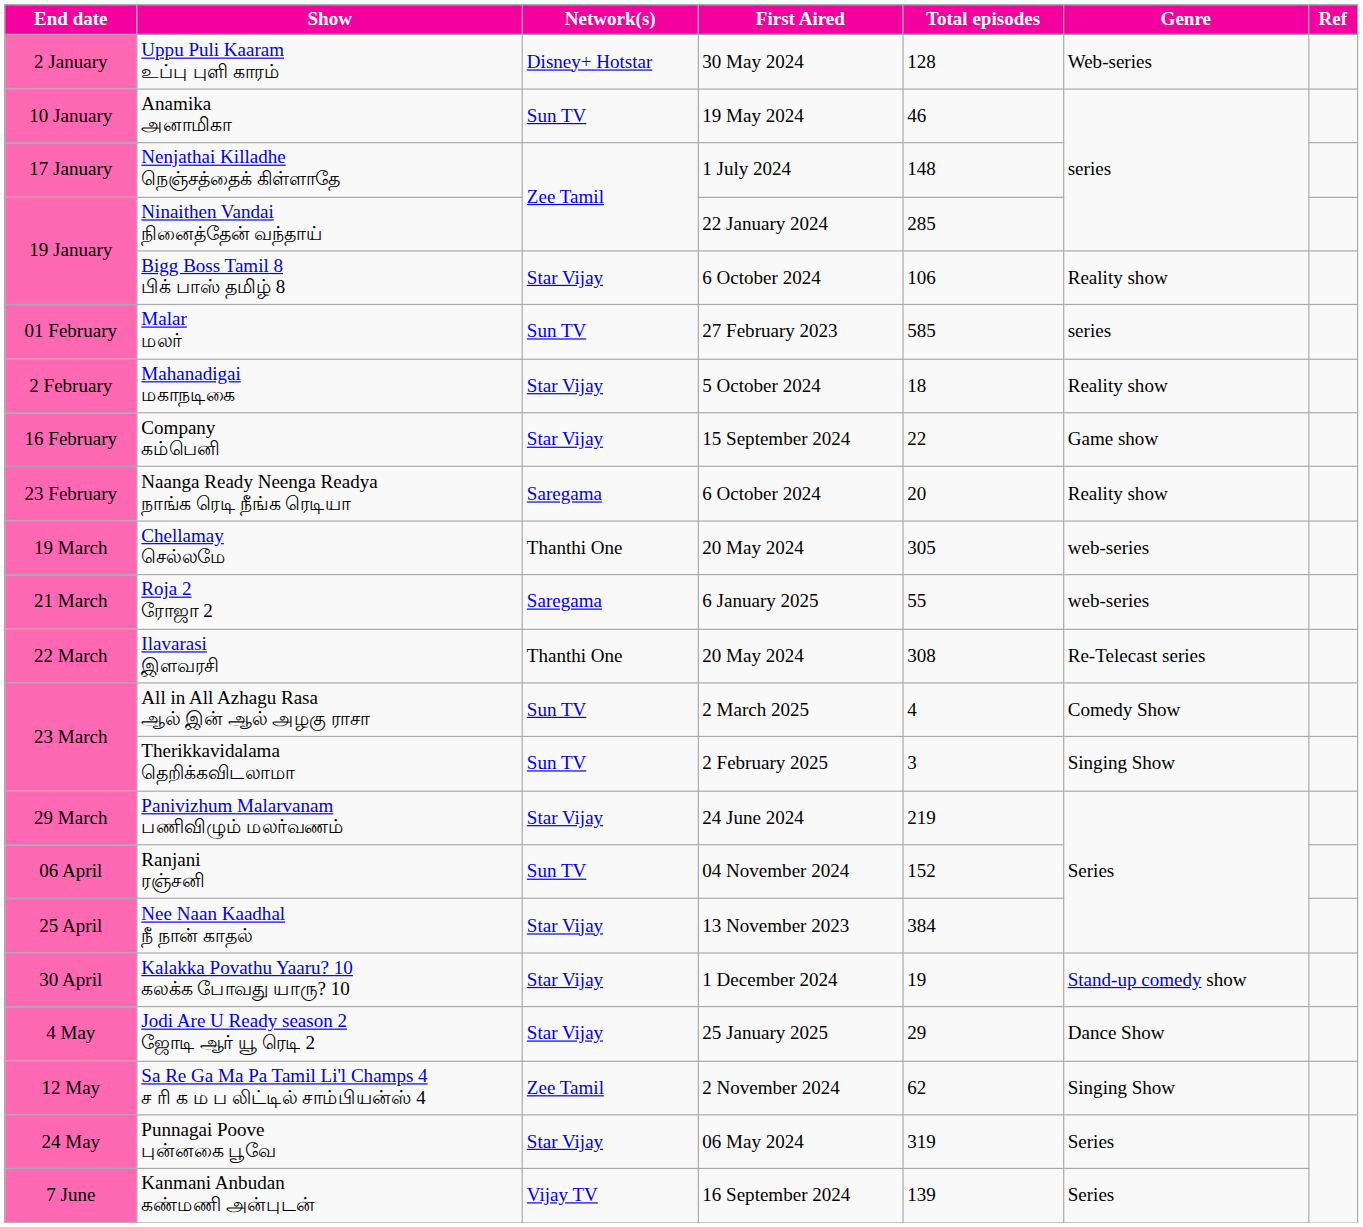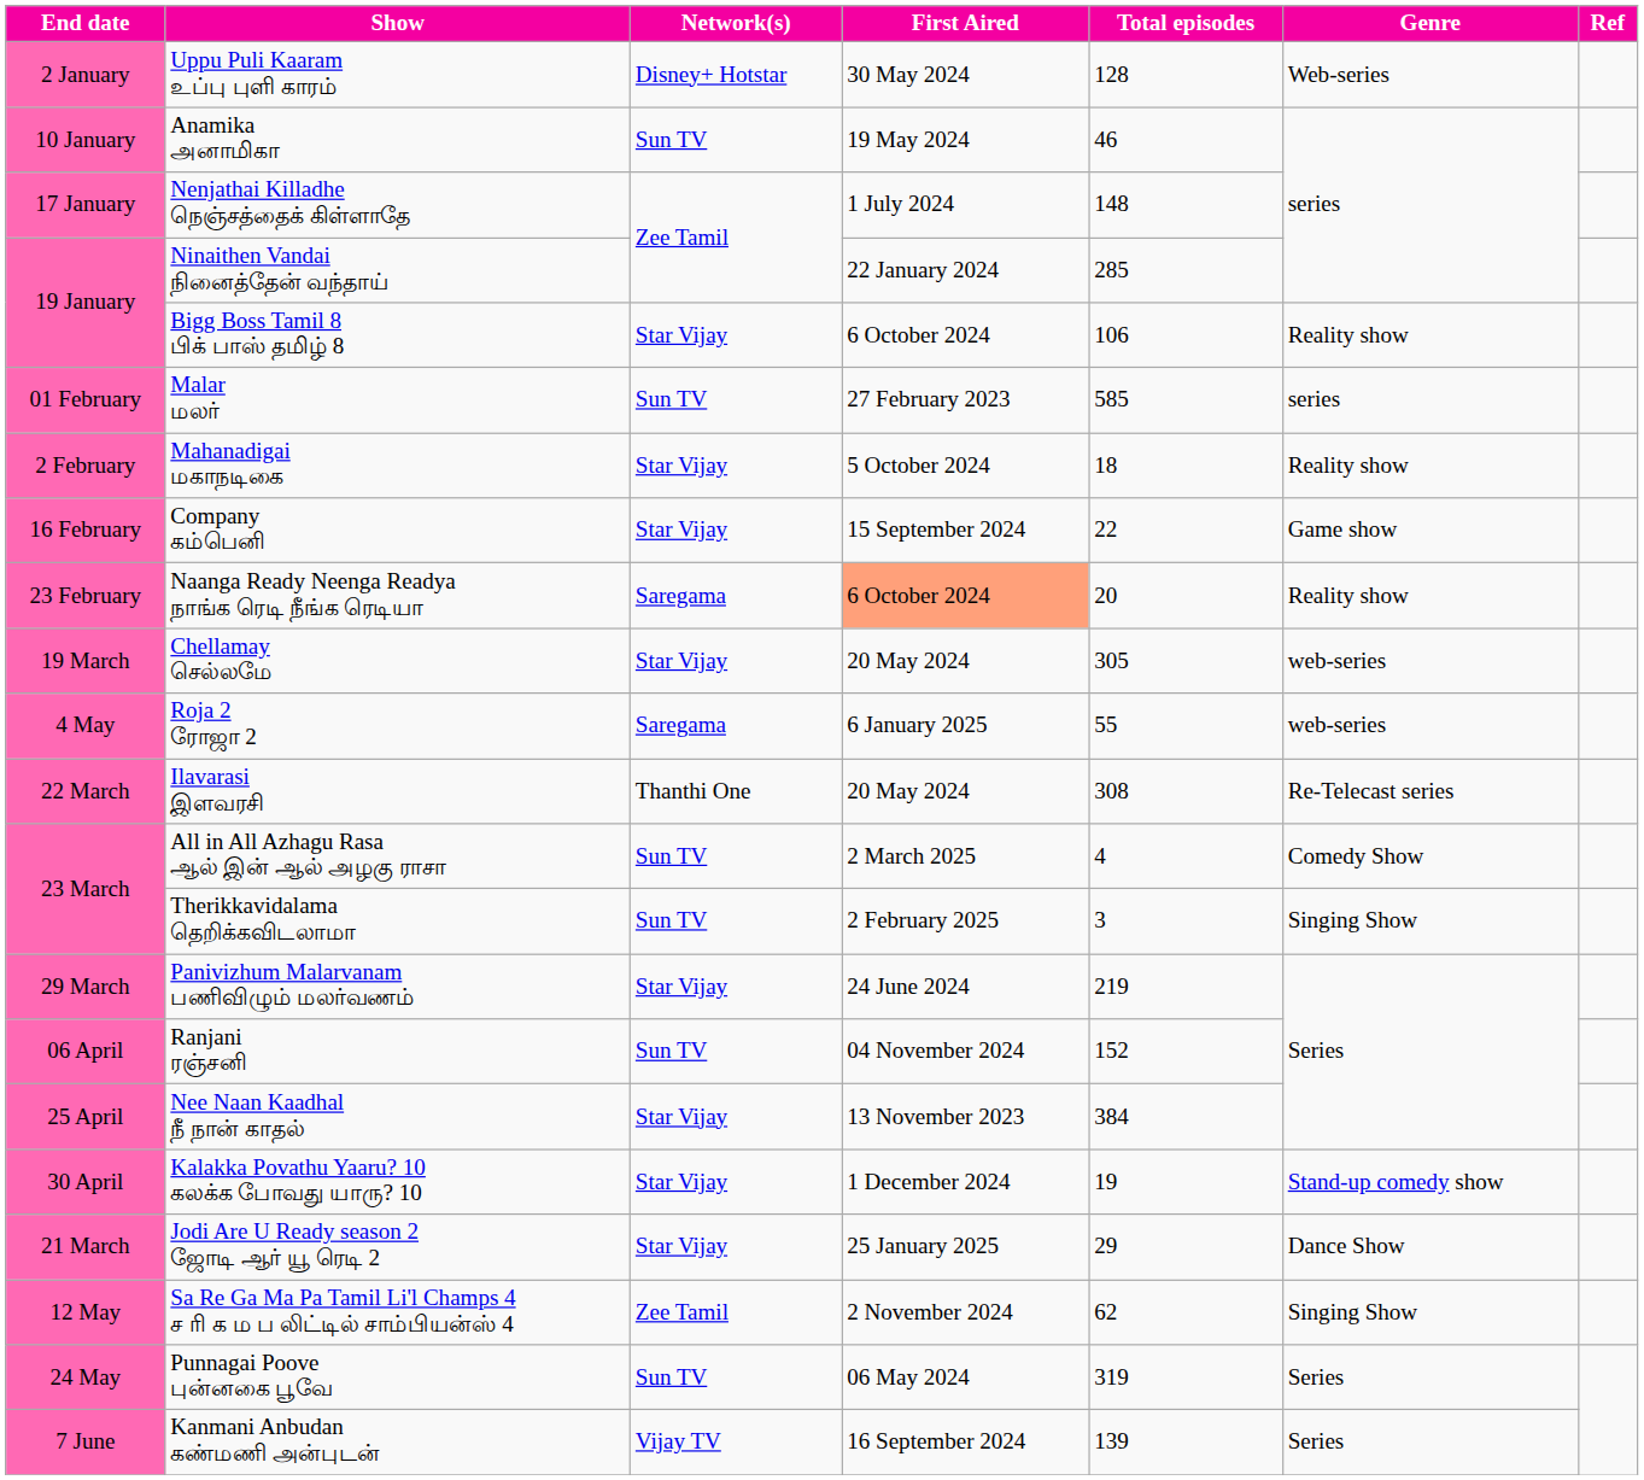 <table class="wikitable" width="90%">
 <tr>
 <th scope="col" style ="background: #F400A1 ;color:white">End date</th>
 <th scope="col" style ="background: #F400A1 ;color:white">Show</th>
 <th scope="col" style ="background: #F400A1 ;color:white">Network(s)</th>
 <th scope="col" style ="background: #F400A1 ;color:white">First Aired</th>
 <th scope="col" style ="background: #F400A1 ;color:white">Total episodes</th>
 <th scope="col" style ="background: #F400A1 ;color:white">Genre</th>
 <th scope="col" style ="background: #F400A1 ;color:white">Ref</th>
 </tr>
 <tr>
 <td rowspan=1 style="text-align:center; background:hotPink; textcolor:#000;">2 January</td>
 <td><a href='#'>Uppu Puli Kaaram</a> <br> உப்பு புளி காரம்</td>
 <td><a href='#'>Disney+ Hotstar</a></td>
 <td>30 May 2024</td>
 <td>128</td>
 <td>Web-series</td>
 <td></td>
 </tr>
 <tr>
 <td rowspan=1 style="text-align:center; background:hotPink; textcolor:#000;">10 January</td>
 <td>Anamika <br> அனாமிகா</td>
 <td><a href='#'>Sun TV</a></td>
 <td>19 May 2024</td>
 <td>46</td>
 <td rowspan=3>series</td>
 <td></td>
 </tr>
 <tr>
 <td rowspan=1 style="text-align:center; background:hotPink; textcolor:#000;">17 January</td>
 <td><a href='#'>Nenjathai Killadhe</a> <br> நெஞ்சத்தைக் கிள்ளாதே</td>
 <td rowspan=2><a href='#'>Zee Tamil</a></td>
 <td>1 July 2024</td>
 <td>148</td>
 <td></td>
 </tr>
 <tr>
 <td rowspan=2 style="text-align:center; background:hotPink; textcolor:#000;">19 January</td>
 <td><a href='#'>Ninaithen Vandai</a> <br> நினைத்தேன் வந்தாய்</td>
 <td>22 January 2024</td>
 <td>285</td>
 <td></td>
 </tr>
 <tr>
 <td><a href='#'>Bigg Boss Tamil 8</a> <br> பிக் பாஸ் தமிழ் 8</td>
 <td><a href='#'>Star Vijay</a></td>
 <td>6 October 2024</td>
 <td>106</td>
 <td>Reality show</td>
 <td></td>
 </tr>
 <tr>
 <td rowspan=1 style="text-align:center; background:hotPink; textcolor:#000;">01 February</td>
 <td><a href='#'>Malar</a> <br> மலர்</td>
 <td><a href='#'>Sun TV</a></td>
 <td>27 February 2023</td>
 <td>585</td>
 <td>series</td>
 <td></td>
 </tr>
 <tr>
 <td rowspan=1 style="text-align:center; background:hotPink; textcolor:#000;">2 February</td>
 <td><a href='#'>Mahanadigai</a> <br> மகாநடிகை</td>
 <td><a href='#'>Star Vijay</a></td>
 <td>5 October 2024</td>
 <td>18</td>
 <td>Reality show</td>
 <td></td>
 </tr>
 <tr>
 <td rowspan=1 style="text-align:center; background:hotPink; textcolor:#000;">16 February</td>
 <td>Company <br> கம்பெனி</td>
 <td><a href='#'>Star Vijay</a></td>
 <td>15 September 2024</td>
 <td>22</td>
 <td>Game show</td>
 <td></td>
 </tr>
 <tr>
 <td rowspan=1 style="text-align:center; background:hotPink; textcolor:#000;">23 February</td>
 <td>Naanga Ready Neenga Readya <br> நாங்க ரெடி நீங்க ரெடியா</td>
 <td><a href='#'>Saregama</a></td>
-<td>6 October 2024</td>
+<td style="background: lightsalmon;">6 October 2024</td>
 <td>20</td>
 <td>Reality show</td>
 <td></td>
 </tr>
 <tr>
 <td rowspan=1 style="text-align:center; background:hotPink; textcolor:#000;">19 March</td>
 <td><a href='#'>Chellamay</a> <br> செல்லமே</td>
-<td>Thanthi One</td>
+<td><a href='#'>Star Vijay</a></td>
 <td>20 May 2024</td>
 <td>305</td>
 <td>web-series</td>
 <td></td>
 </tr>
 <tr>
-<td rowspan=1 style="text-align:center; background:hotPink; textcolor:#000;">21 March</td>
+<td rowspan=1 style="text-align:center; background:hotPink; textcolor:#000;">4 May</td>
 <td><a href='#'>Roja 2</a> <br> ரோஜா 2</td>
 <td><a href='#'>Saregama</a></td>
 <td>6 January 2025</td>
 <td>55</td>
 <td>web-series</td>
 <td></td>
 </tr>
 <tr>
 <td rowspan=1 style="text-align:center; background:hotPink; textcolor:#000;">22 March</td>
 <td><a href='#'>Ilavarasi</a> <br> இளவரசி</td>
 <td>Thanthi One</td>
 <td>20 May 2024</td>
 <td>308</td>
 <td>Re-Telecast series</td>
 <td></td>
 </tr>
 <tr>
 <td rowspan=2 style="text-align:center; background:hotPink; textcolor:#000;">23 March</td>
 <td>All in All Azhagu Rasa <br> ஆல் இன் ஆல் அழகு ராசா</td>
 <td><a href='#'>Sun TV</a></td>
 <td>2 March 2025</td>
 <td>4</td>
 <td>Comedy Show</td>
 </tr>
 <tr>
 <td>Therikkavidalama <br> தெறிக்கவிடலாமா</td>
 <td><a href='#'>Sun TV</a></td>
 <td>2 February 2025</td>
 <td>3</td>
 <td>Singing Show</td>
 <td></td>
 </tr>
 <tr>
 <td rowspan=1 style="text-align:center; background:hotPink; textcolor:#000;">29 March</td>
 <td><a href='#'>Panivizhum Malarvanam</a> <br> பணிவிழும் மலர்வணம்</td>
 <td><a href='#'>Star Vijay</a></td>
 <td>24 June 2024</td>
 <td>219</td>
 <td rowspan=3>Series</td>
 <td></td>
 </tr>
 <tr>
 <td rowspan=1 style="text-align:center; background:hotPink; textcolor:#000;">06 April</td>
 <td>Ranjani <br> ரஞ்சனி</td>
 <td><a href='#'>Sun TV</a></td>
 <td>04 November 2024</td>
 <td>152</td>
 <td></td>
 </tr>
 <tr>
 <td rowspan=1 style="text-align:center; background:hotPink; textcolor:#000;">25 April</td>
 <td><a href='#'>Nee Naan Kaadhal</a> <br> நீ நான் காதல்</td>
 <td><a href='#'>Star Vijay</a></td>
 <td>13 November 2023</td>
 <td>384</td>
 <td></td>
 </tr>
 <tr>
 <td rowspan=1 style="text-align:center; background:hotPink; textcolor:#000;">30 April</td>
 <td><a href='#'>Kalakka Povathu Yaaru? 10</a> <br> கலக்க போவது யாரு? 10</td>
 <td><a href='#'>Star Vijay</a></td>
 <td>1 December 2024</td>
 <td>19</td>
 <td><a href='#'>Stand-up comedy</a> show</td>
 <td></td>
 </tr>
 <tr>
-<td rowspan=1 style="text-align:center; background:hotPink; textcolor:#000;">4 May</td>
+<td rowspan=1 style="text-align:center; background:hotPink; textcolor:#000;">21 March</td>
 <td><a href='#'>Jodi Are U Ready season 2</a> <br> ஜோடி ஆர் யூ ரெடி 2</td>
 <td><a href='#'>Star Vijay</a></td>
 <td>25 January 2025</td>
 <td>29</td>
 <td>Dance Show</td>
 <td></td>
 </tr>
 <tr>
 <td rowspan=1 style="text-align:center; background:hotPink; textcolor:#000;">12 May</td>
 <td><a href='#'>Sa Re Ga Ma Pa Tamil Li'l Champs 4</a>  <br> ச ரி க ம ப லிட்டில் சாம்பியன்ஸ் 4</td>
 <td><a href='#'>Zee Tamil</a></td>
 <td>2 November 2024</td>
 <td>62</td>
 <td>Singing Show</td>
 <td></td>
 </tr>
 <tr>
 <td rowspan=1 style="text-align:center; background:hotPink; textcolor:#000;">24 May</td>
 <td>Punnagai Poove <br>புன்னகை பூவே</td>
-<td><a href='#'>Star Vijay</a></td>
+<td><a href='#'>Sun TV</a></td>
 <td>06 May 2024</td>
 <td>319</td>
 <td>Series</td>
 </tr>
 <tr>
 <td rowspan=1 style="text-align:center; background:hotPink; textcolor:#000;">7 June</td>
 <td>Kanmani Anbudan <br> கண்மணி அன்புடன்</td>
 <td><a href='#'>Vijay TV</a></td>
 <td>16 September 2024</td>
 <td>139</td>
 <td>Series</td>
 </tr>
 <tr>
 </tr>
 </table>
